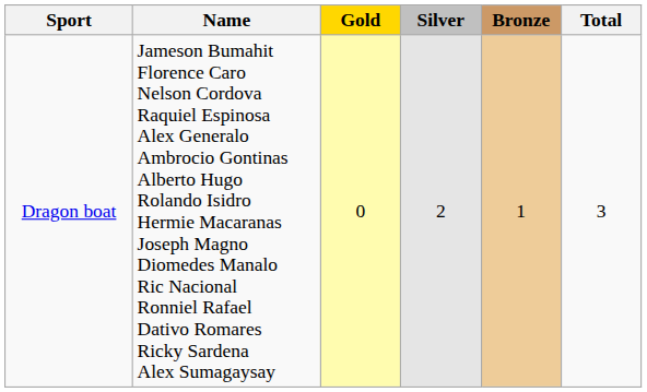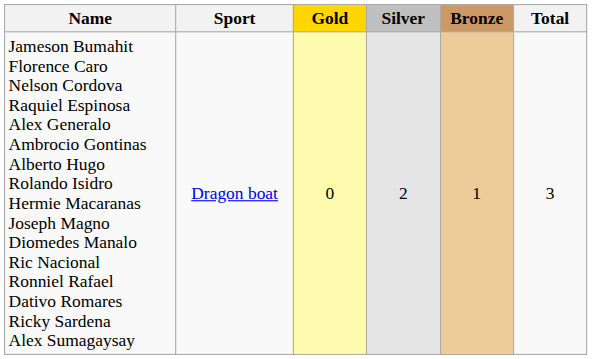 <table class="wikitable" style="text-align:center;">
 <tr>
+<th width=150>Name</th>
 <th width=100>Sport</th>
-<th width=150>Name</th>
 <td bgcolor=gold width=60><strong>Gold</strong></td>
 <td bgcolor=silver width=60><strong>Silver</strong></td>
 <td bgcolor=#cc9966 width=60><strong>Bronze</strong></td>
 <th width=60>Total</th>
 </tr>
 <tr>
+<td align=left>Jameson Bumahit<br>Florence Caro<br>Nelson Cordova<br>Raquiel Espinosa<br>Alex Generalo<br>Ambrocio Gontinas<br>Alberto Hugo<br>Rolando Isidro<br>Hermie Macaranas<br>Joseph Magno<br>Diomedes Manalo<br>Ric Nacional<br>Ronniel Rafael<br>Dativo Romares<br>Ricky Sardena<br>Alex Sumagaysay</td>
 <td><a href='#'>Dragon boat</a></td>
-<td align=left>Jameson Bumahit<br>Florence Caro<br>Nelson Cordova<br>Raquiel Espinosa<br>Alex Generalo<br>Ambrocio Gontinas<br>Alberto Hugo<br>Rolando Isidro<br>Hermie Macaranas<br>Joseph Magno<br>Diomedes Manalo<br>Ric Nacional<br>Ronniel Rafael<br>Dativo Romares<br>Ricky Sardena<br>Alex Sumagaysay</td>
 <td bgcolor=#fffcaf>0</td>
 <td bgcolor=#e5e5e5>2</td>
 <td bgcolor=#eecc99>1</td>
 <td>3</td>
 </tr>
 </table>
